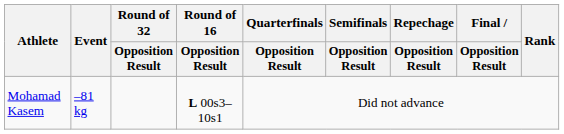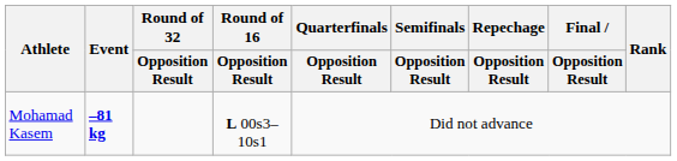 <table class=wikitable style=font-size:90%;text-align:center>
 <tr>
 <th rowspan="2">Athlete</th>
 <th rowspan="2">Event</th>
 <th>Round of 32</th>
 <th>Round of 16</th>
 <th>Quarterfinals</th>
 <th>Semifinals</th>
 <th>Repechage</th>
 <th>Final / </th>
 <th rowspan=2>Rank</th>
 </tr>
 <tr style="font-size:95%">
 <th>Opposition<br>Result</th>
 <th>Opposition<br>Result</th>
 <th>Opposition<br>Result</th>
 <th>Opposition<br>Result</th>
 <th>Opposition<br>Result</th>
 <th>Opposition<br>Result</th>
 </tr>
 <tr>
 <td align=left><a href='#'>Mohamad Kasem</a></td>
-<td align=left><a href='#'>–81 kg</a></td>
+<td align=left><strong><a href='#'>–81 kg</a></strong></td>
 <td></td>
 <td><br><strong>L</strong> 00s3–10s1</td>
 <td colspan=5>Did not advance</td>
 </tr>
 </table>
